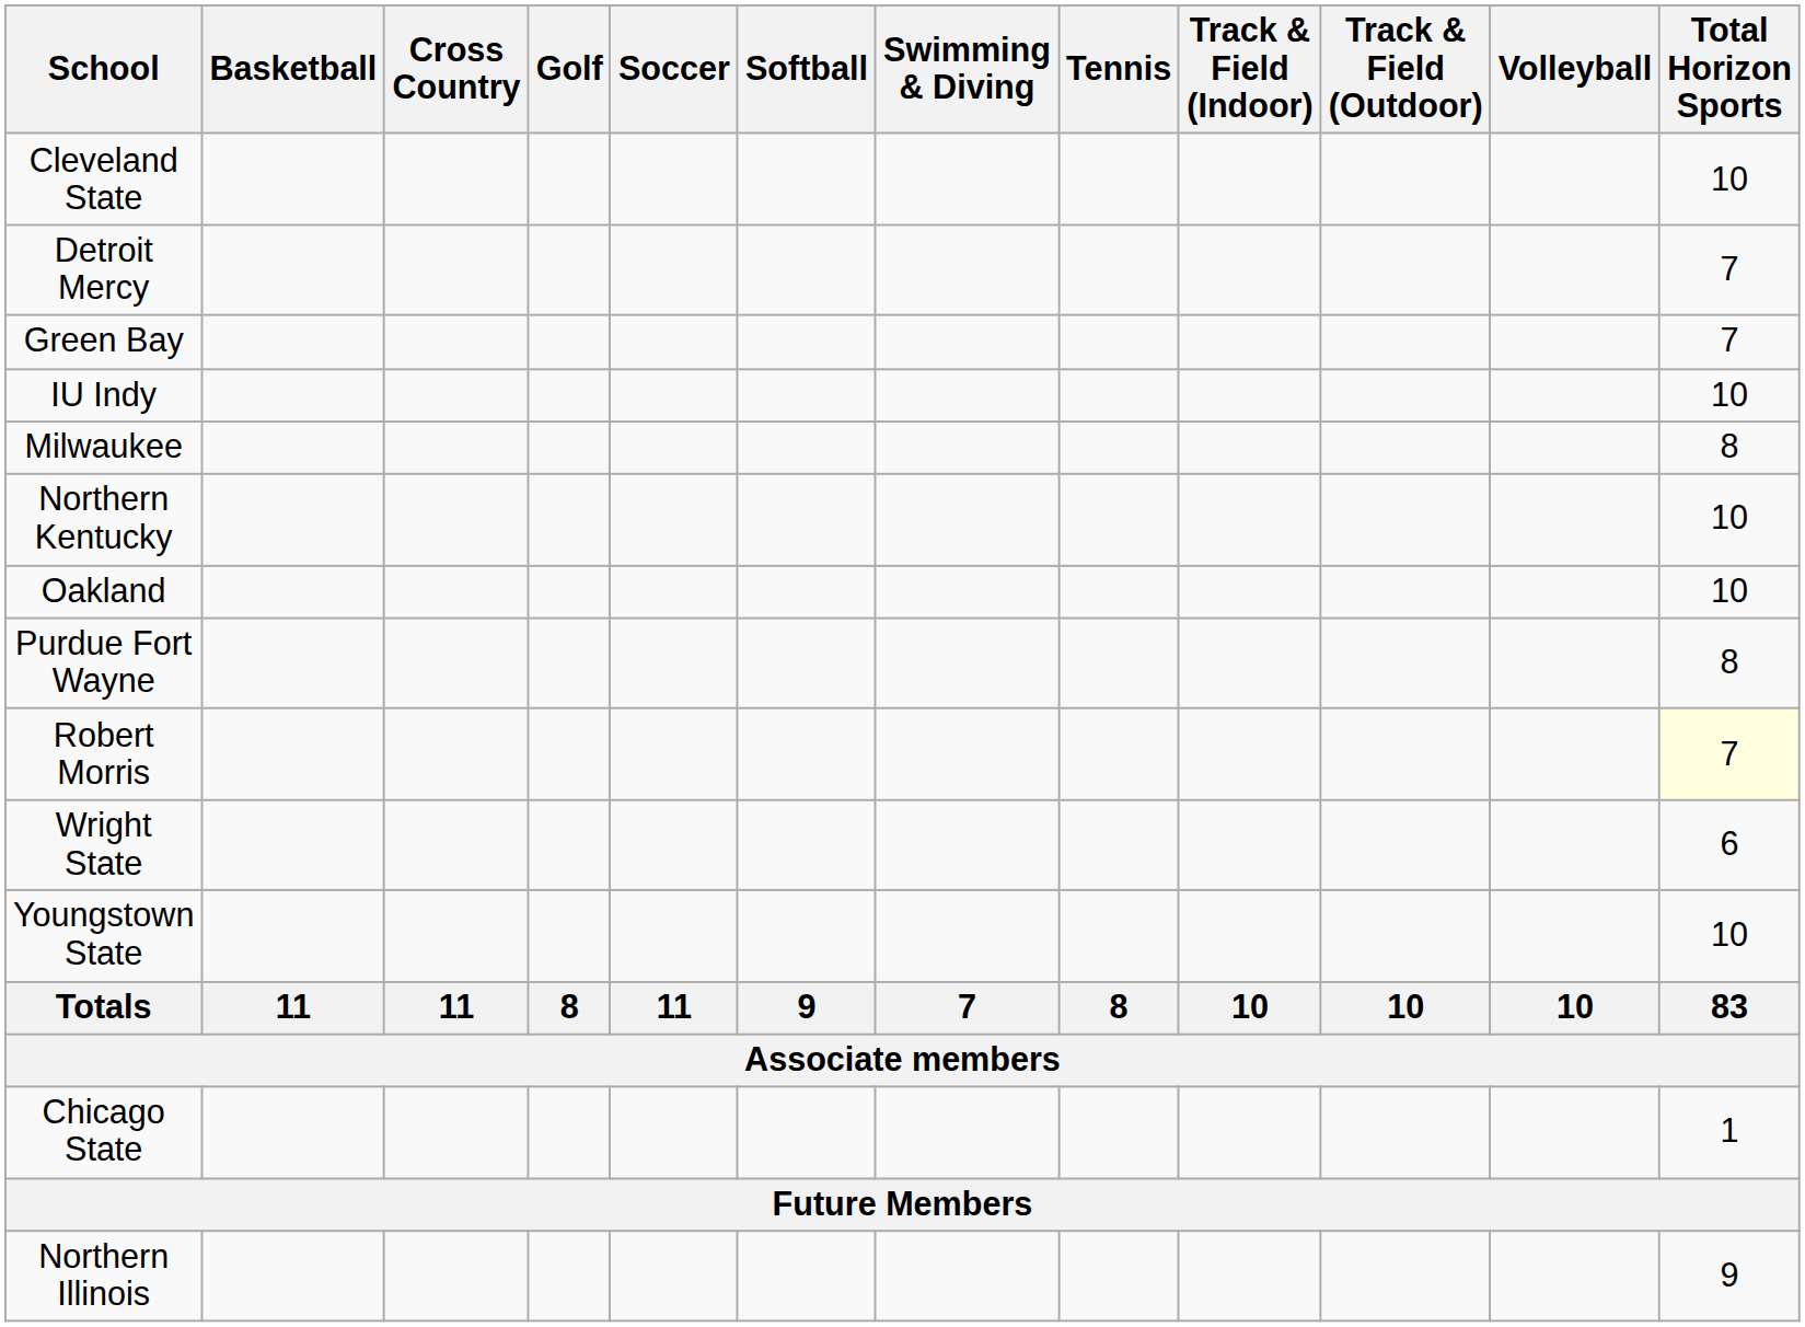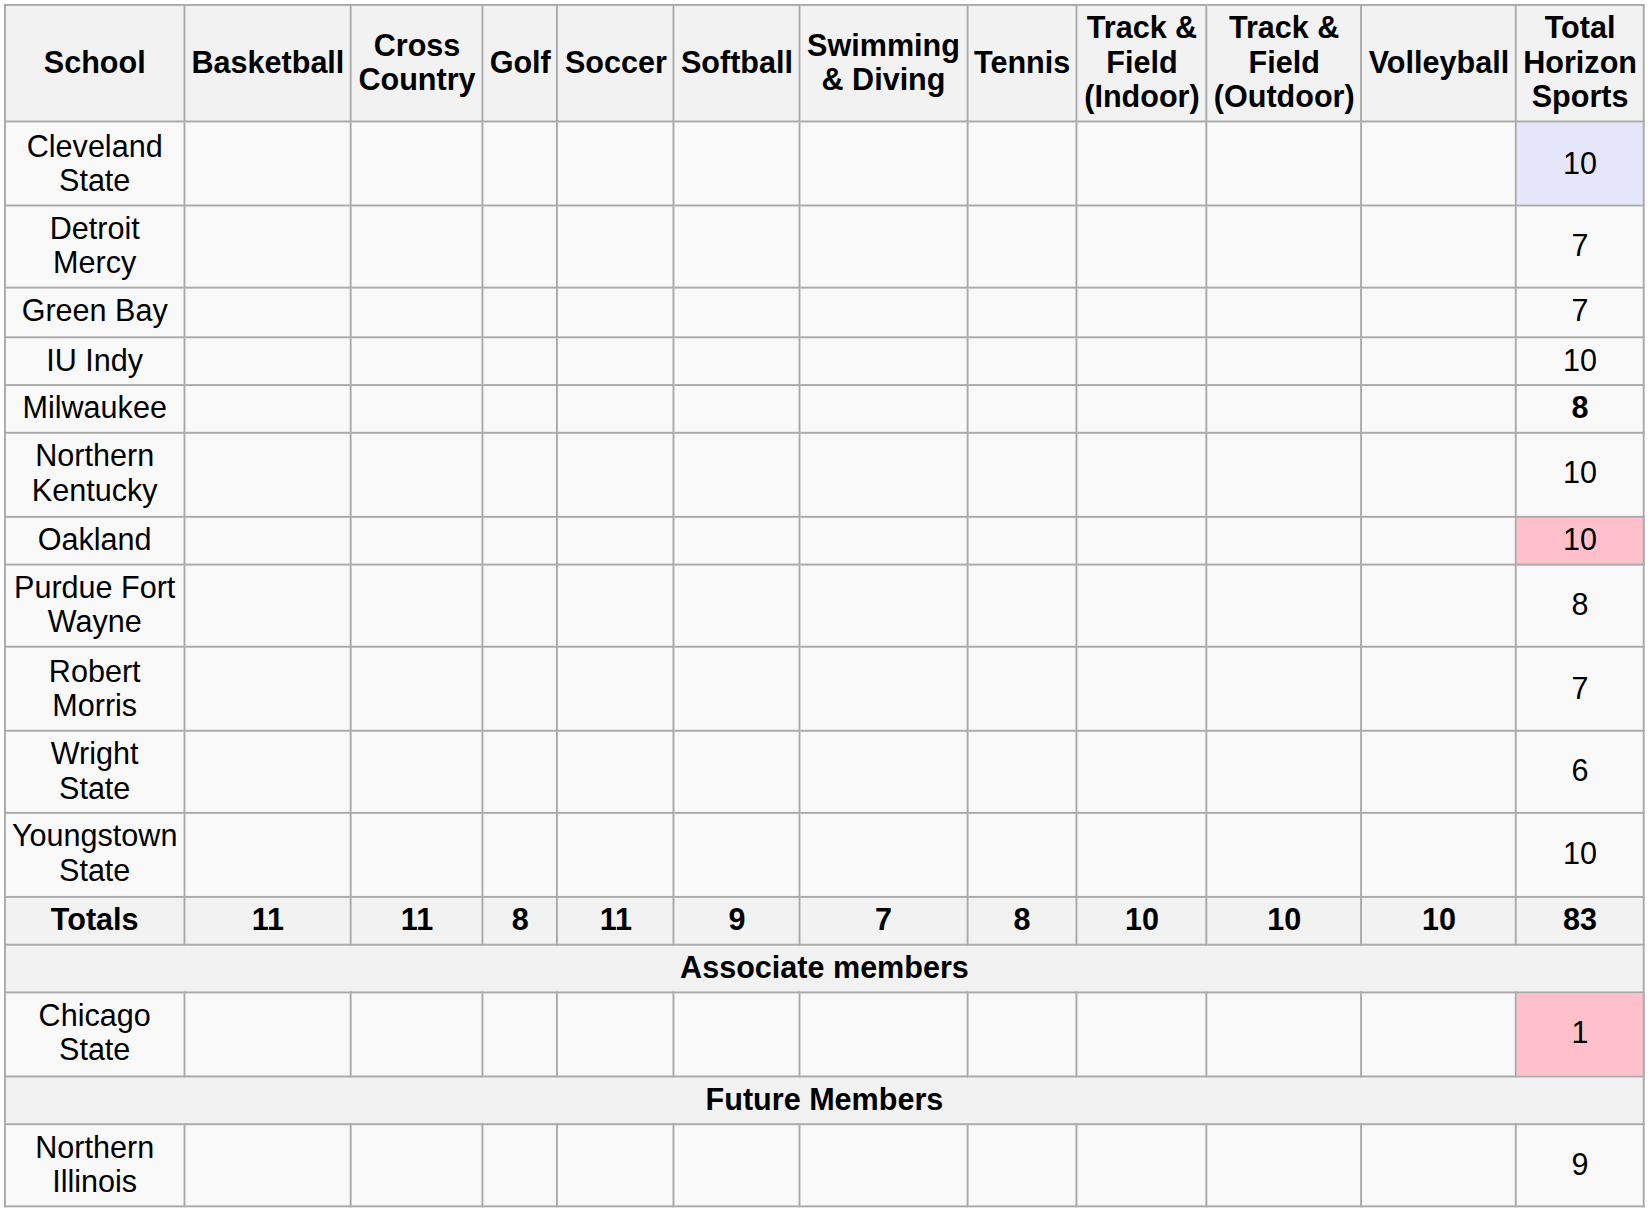 <table class="wikitable" style="text-align:center; width:80%;">
 <tr>
 <th>School</th>
 <th>Basketball</th>
 <th>Cross Country</th>
 <th>Golf</th>
 <th>Soccer</th>
 <th>Softball</th>
 <th>Swimming & Diving</th>
 <th>Tennis</th>
 <th>Track & Field<br>(Indoor)</th>
 <th>Track & Field<br>(Outdoor)</th>
 <th>Volleyball</th>
 <th>Total Horizon Sports</th>
 </tr>
 <tr>
 <td>Cleveland State</td>
 <td></td>
 <td></td>
 <td></td>
 <td></td>
 <td></td>
 <td></td>
 <td></td>
 <td></td>
 <td></td>
 <td></td>
-<td>10</td>
+<td style="background: lavender;">10</td>
 </tr>
 <tr>
 <td>Detroit Mercy</td>
 <td></td>
 <td></td>
 <td></td>
 <td></td>
 <td></td>
 <td></td>
 <td></td>
 <td></td>
 <td></td>
 <td></td>
 <td>7</td>
 </tr>
 <tr>
 <td>Green Bay</td>
 <td></td>
 <td></td>
 <td></td>
 <td></td>
 <td></td>
 <td></td>
 <td></td>
 <td></td>
 <td></td>
 <td></td>
 <td>7</td>
 </tr>
 <tr>
 <td>IU Indy</td>
 <td></td>
 <td></td>
 <td></td>
 <td></td>
 <td></td>
 <td></td>
 <td></td>
 <td></td>
 <td></td>
 <td></td>
 <td>10</td>
 </tr>
 <tr>
 <td>Milwaukee</td>
 <td></td>
 <td></td>
 <td></td>
 <td></td>
 <td></td>
 <td></td>
 <td></td>
 <td></td>
 <td></td>
 <td></td>
-<td>8</td>
+<td><strong>8</strong></td>
 </tr>
 <tr>
 <td>Northern Kentucky</td>
 <td></td>
 <td></td>
 <td></td>
 <td></td>
 <td></td>
 <td></td>
 <td></td>
 <td></td>
 <td></td>
 <td></td>
 <td>10</td>
 </tr>
 <tr>
 <td>Oakland</td>
 <td></td>
 <td></td>
 <td></td>
 <td></td>
 <td></td>
 <td></td>
 <td></td>
 <td></td>
 <td></td>
 <td></td>
-<td>10</td>
+<td style="background: pink;">10</td>
 </tr>
 <tr>
 <td>Purdue Fort Wayne</td>
 <td></td>
 <td></td>
 <td></td>
 <td></td>
 <td></td>
 <td></td>
 <td></td>
 <td></td>
 <td></td>
 <td></td>
 <td>8</td>
 </tr>
 <tr>
 <td>Robert Morris</td>
 <td></td>
 <td></td>
 <td></td>
 <td></td>
 <td></td>
 <td></td>
 <td></td>
 <td></td>
 <td></td>
 <td></td>
-<td style="background: lightyellow;">7</td>
+<td>7</td>
 </tr>
 <tr>
 <td>Wright State</td>
 <td></td>
 <td></td>
 <td></td>
 <td></td>
 <td></td>
 <td></td>
 <td></td>
 <td></td>
 <td></td>
 <td></td>
 <td>6</td>
 </tr>
 <tr>
 <td>Youngstown State</td>
 <td></td>
 <td></td>
 <td></td>
 <td></td>
 <td></td>
 <td></td>
 <td></td>
 <td></td>
 <td></td>
 <td></td>
 <td>10</td>
 </tr>
 <tr>
 <th>Totals</th>
 <th>11</th>
 <th>11</th>
 <th>8</th>
 <th>11</th>
 <th>9</th>
 <th>7</th>
 <th>8</th>
 <th>10</th>
 <th>10</th>
 <th>10</th>
 <th>83</th>
 </tr>
 <tr>
 <th colspan=12>Associate members</th>
 </tr>
 <tr>
 <td>Chicago State</td>
 <td></td>
 <td></td>
 <td></td>
 <td></td>
 <td></td>
 <td></td>
 <td></td>
 <td></td>
 <td></td>
 <td></td>
-<td>1</td>
+<td style="background: pink;">1</td>
 </tr>
 <tr>
 <th colspan=12>Future Members</th>
 </tr>
 <tr>
 <td>Northern Illinois</td>
 <td></td>
 <td></td>
 <td></td>
 <td></td>
 <td></td>
 <td></td>
 <td></td>
 <td></td>
 <td></td>
 <td></td>
 <td>9</td>
 </tr>
 </table>
